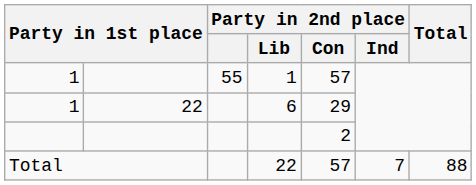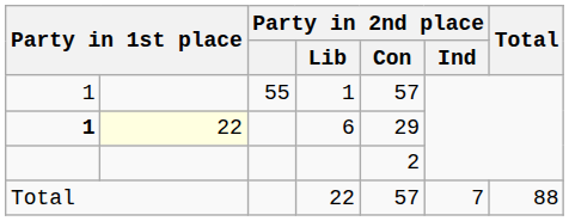 <table class="wikitable" style="text-align:right;">
 <tr>
 <th rowspan="2" colspan="2" style="text-align:left;">Party in 1st place</th>
 <th colspan="4">Party in 2nd place</th>
 <th rowspan="2">Total</th>
 </tr>
 <tr>
 <th></th>
 <th>Lib</th>
 <th>Con</th>
 <th>Ind</th>
 </tr>
 <tr>
 <td>1</td>
 <td></td>
 <td>55</td>
 <td>1</td>
 <td>57</td>
 </tr>
 <tr>
-<td>1</td>
-<td>22</td>
+<td><strong>1</strong></td>
+<td style="background: lightyellow;">22</td>
 <td></td>
 <td>6</td>
 <td>29</td>
 </tr>
 <tr>
 <td></td>
 <td></td>
 <td></td>
 <td></td>
 <td>2</td>
 </tr>
 <tr>
 <td colspan="2" style="text-align:left;">Total</td>
 <td></td>
 <td>22</td>
 <td>57</td>
 <td>7</td>
 <td>88</td>
 </tr>
 </table>
